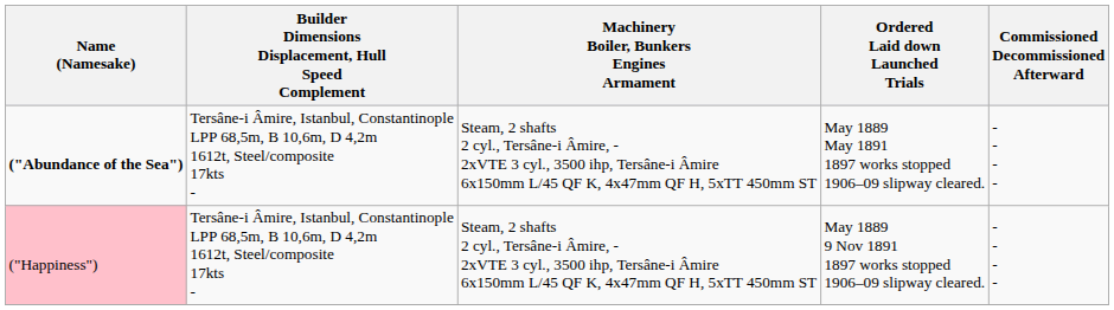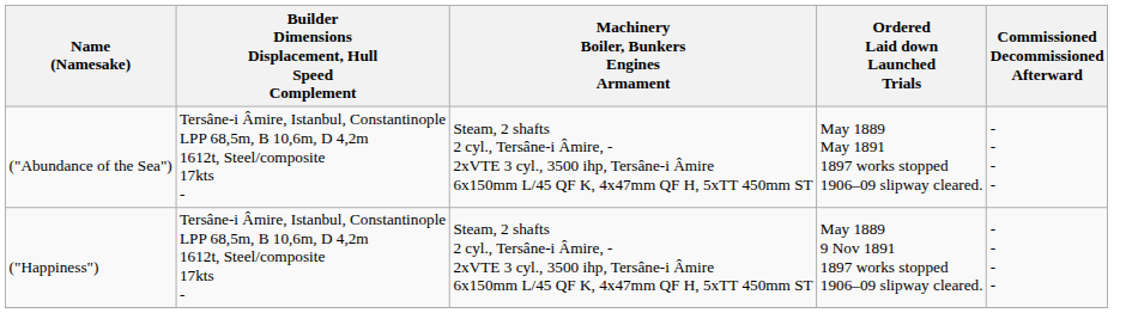 <table class="wikitable" style="font-size:90%;">
 <tr bgcolor="#e6e9ff">
 <th>Name<br>(Namesake)</th>
 <th>Builder<br>Dimensions<br>Displacement, Hull<br>Speed<br>Complement</th>
 <th>Machinery<br>Boiler, Bunkers<br>Engines<br>Armament</th>
 <th>Ordered<br>Laid down<br>Launched<br>Trials</th>
 <th>Commissioned<br>Decommissioned<br>Afterward</th>
 </tr>
 <tr ---->
-<td><strong><br>("Abundance of the Sea")</strong></td>
+<td><br>("Abundance of the Sea")</td>
 <td> Tersâne-i Âmire, Istanbul, Constantinople<br>LPP 68,5m, B 10,6m, D 4,2m<br>1612t, Steel/composite<br>17kts<br>-</td>
 <td>Steam, 2 shafts<br>2 cyl., Tersâne-i Âmire, -<br>2xVTE 3 cyl., 3500 ihp, Tersâne-i Âmire<br>6x150mm L/45 QF K, 4x47mm QF H, 5xTT 450mm ST</td>
 <td>May 1889<br>May 1891<br>1897 works stopped<br>1906–09 slipway cleared.</td>
 <td>-<br>-<br>-<br>-</td>
 </tr>
 <tr ---->
-<td style="background: pink;"><br>("Happiness")</td>
+<td><br>("Happiness")</td>
 <td> Tersâne-i Âmire, Istanbul, Constantinople<br>LPP 68,5m, B 10,6m, D 4,2m<br>1612t, Steel/composite<br>17kts<br>-</td>
 <td>Steam, 2 shafts<br>2 cyl., Tersâne-i Âmire, -<br>2xVTE 3 cyl., 3500 ihp, Tersâne-i Âmire<br>6x150mm L/45 QF K, 4x47mm QF H, 5xTT 450mm ST</td>
 <td>May 1889<br>9 Nov 1891<br>1897 works stopped<br>1906–09 slipway cleared.</td>
 <td>-<br>-<br>-<br>-</td>
 </tr>
 <tr ---->
 </tr>
 </table>
